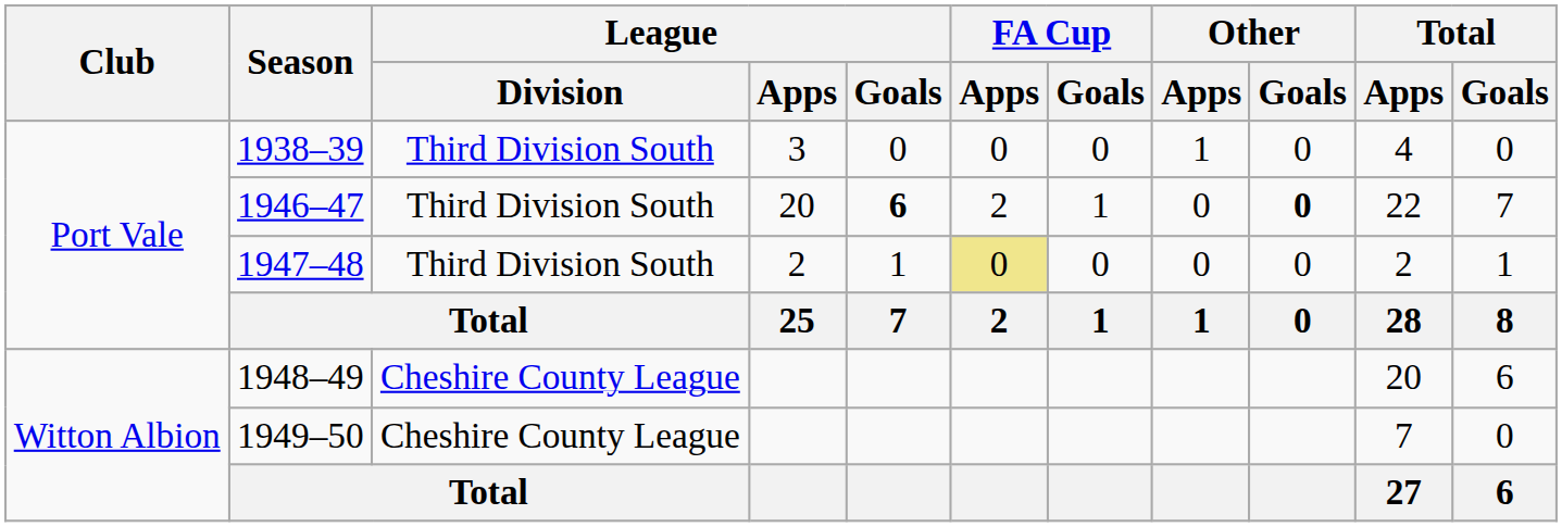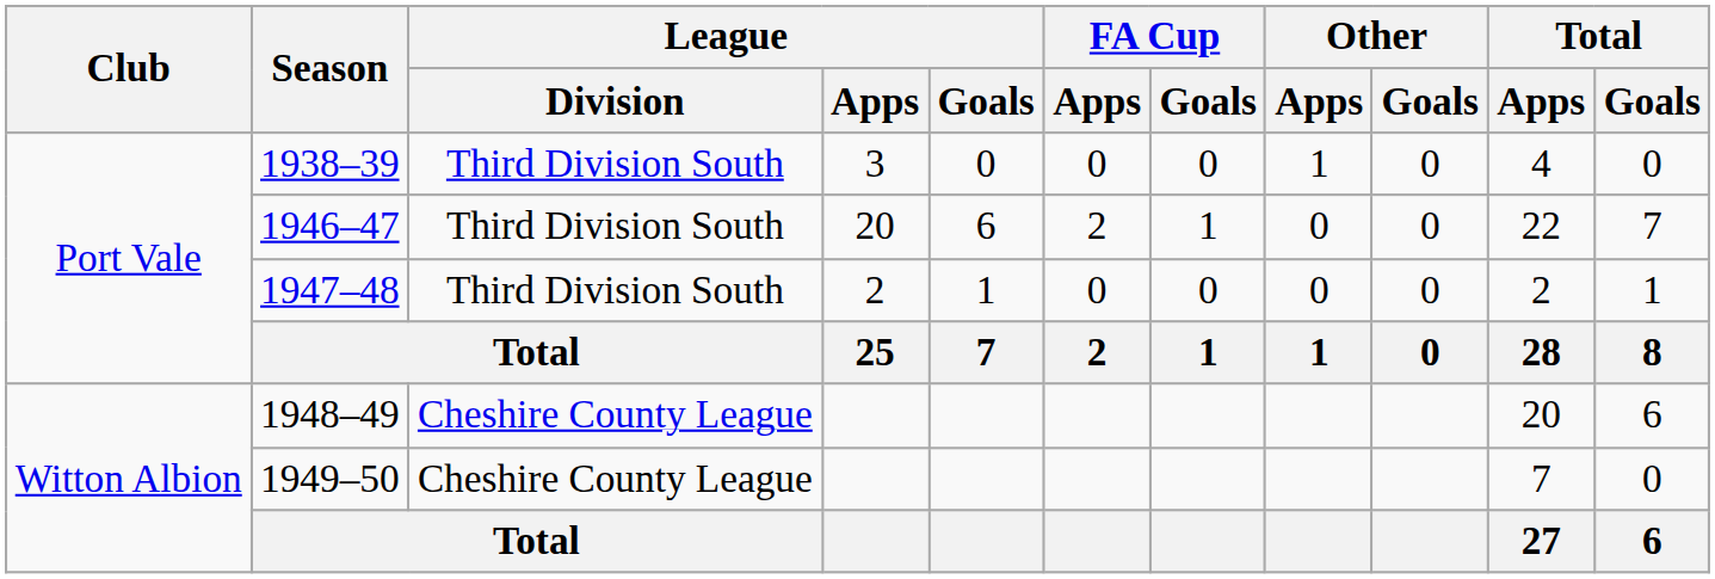 <table class="wikitable" style="text-align:center">
 <tr>
 <th rowspan="2">Club</th>
 <th rowspan="2">Season</th>
 <th colspan="3">League</th>
 <th colspan="2"><a href='#'>FA Cup</a></th>
 <th colspan="2">Other</th>
 <th colspan="2">Total</th>
 </tr>
 <tr>
 <th>Division</th>
 <th>Apps</th>
 <th>Goals</th>
 <th>Apps</th>
 <th>Goals</th>
 <th>Apps</th>
 <th>Goals</th>
 <th>Apps</th>
 <th>Goals</th>
 </tr>
 <tr>
 <td rowspan="4"><a href='#'>Port Vale</a></td>
 <td><a href='#'>1938–39</a></td>
 <td><a href='#'>Third Division South</a></td>
 <td>3</td>
 <td>0</td>
 <td>0</td>
 <td>0</td>
 <td>1</td>
 <td>0</td>
 <td>4</td>
 <td>0</td>
 </tr>
 <tr>
 <td><a href='#'>1946–47</a></td>
 <td>Third Division South</td>
 <td>20</td>
-<td><strong>6</strong></td>
+<td>6</td>
 <td>2</td>
 <td>1</td>
 <td>0</td>
-<td><strong>0</strong></td>
+<td>0</td>
 <td>22</td>
 <td>7</td>
 </tr>
 <tr>
 <td><a href='#'>1947–48</a></td>
 <td>Third Division South</td>
 <td>2</td>
 <td>1</td>
-<td style="background: khaki;">0</td>
+<td>0</td>
 <td>0</td>
 <td>0</td>
 <td>0</td>
 <td>2</td>
 <td>1</td>
 </tr>
 <tr>
 <th colspan="2">Total</th>
 <th>25</th>
 <th>7</th>
 <th>2</th>
 <th>1</th>
 <th>1</th>
 <th>0</th>
 <th>28</th>
 <th>8</th>
 </tr>
 <tr>
 <td rowspan="3"><a href='#'>Witton Albion</a></td>
 <td>1948–49</td>
 <td><a href='#'>Cheshire County League</a></td>
 <td></td>
 <td></td>
 <td></td>
 <td></td>
 <td></td>
 <td></td>
 <td>20</td>
 <td>6</td>
 </tr>
 <tr>
 <td>1949–50</td>
 <td>Cheshire County League</td>
 <td></td>
 <td></td>
 <td></td>
 <td></td>
 <td></td>
 <td></td>
 <td>7</td>
 <td>0</td>
 </tr>
 <tr>
 <th colspan="2">Total</th>
 <th></th>
 <th></th>
 <th></th>
 <th></th>
 <th></th>
 <th></th>
 <th>27</th>
 <th>6</th>
 </tr>
 </table>
